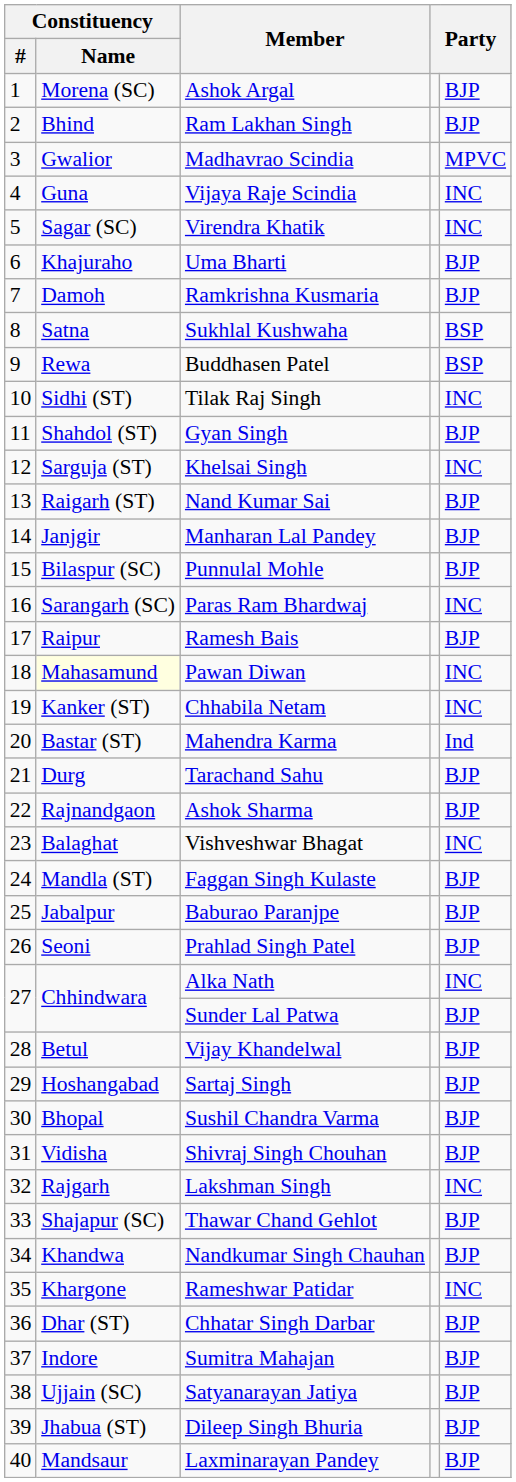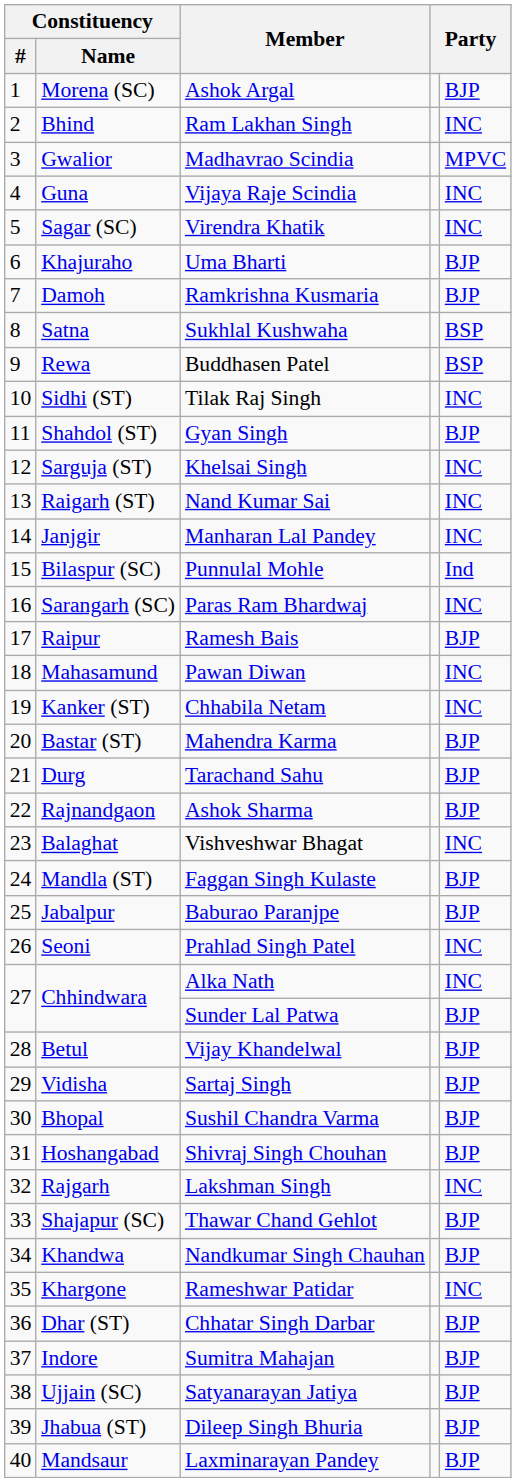 <table class="wikitable sortable">
 <tr>
 <th colspan="2">Constituency</th>
 <th rowspan="2">Member</th>
 <th colspan="2" rowspan="2">Party</th>
 </tr>
 <tr>
 <th>#</th>
 <th>Name</th>
 </tr>
 <tr>
 <td>1</td>
 <td><a href='#'>Morena</a> (SC)</td>
 <td><a href='#'>Ashok Argal</a></td>
 <td style="background-color: "></td>
 <td><a href='#'>BJP</a></td>
 </tr>
 <tr>
 <td>2</td>
 <td><a href='#'>Bhind</a></td>
 <td><a href='#'>Ram Lakhan Singh</a></td>
 <td style="background-color: "></td>
-<td><a href='#'>BJP</a></td>
+<td><a href='#'>INC</a></td>
 </tr>
 <tr>
 <td>3</td>
 <td><a href='#'>Gwalior</a></td>
 <td><a href='#'>Madhavrao Scindia</a></td>
 <td></td>
 <td><a href='#'>MPVC</a></td>
 </tr>
 <tr>
 <td>4</td>
 <td><a href='#'>Guna</a></td>
 <td><a href='#'>Vijaya Raje Scindia</a></td>
 <td style="background-color: "></td>
 <td><a href='#'>INC</a></td>
 </tr>
 <tr>
 <td>5</td>
 <td><a href='#'>Sagar</a> (SC)</td>
 <td><a href='#'>Virendra Khatik</a></td>
 <td style="background-color: "></td>
 <td><a href='#'>INC</a></td>
 </tr>
 <tr>
 <td>6</td>
 <td><a href='#'>Khajuraho</a></td>
 <td><a href='#'>Uma Bharti</a></td>
 <td style="background-color: "></td>
 <td><a href='#'>BJP</a></td>
 </tr>
 <tr>
 <td>7</td>
 <td><a href='#'>Damoh</a></td>
 <td><a href='#'>Ramkrishna Kusmaria</a></td>
 <td style="background-color: "></td>
 <td><a href='#'>BJP</a></td>
 </tr>
 <tr>
 <td>8</td>
 <td><a href='#'>Satna</a></td>
 <td><a href='#'>Sukhlal Kushwaha</a></td>
 <td style="background-color: "></td>
 <td><a href='#'>BSP</a></td>
 </tr>
 <tr>
 <td>9</td>
 <td><a href='#'>Rewa</a></td>
 <td>Buddhasen Patel</td>
 <td style="background-color: "></td>
 <td><a href='#'>BSP</a></td>
 </tr>
 <tr>
 <td>10</td>
 <td><a href='#'>Sidhi</a> (ST)</td>
 <td>Tilak Raj Singh</td>
 <td style="background-color: "></td>
 <td><a href='#'>INC</a></td>
 </tr>
 <tr>
 <td>11</td>
 <td><a href='#'>Shahdol</a> (ST)</td>
 <td><a href='#'>Gyan Singh</a></td>
 <td style="background-color: "></td>
 <td><a href='#'>BJP</a></td>
 </tr>
 <tr>
 <td>12</td>
 <td><a href='#'>Sarguja</a> (ST)</td>
 <td><a href='#'>Khelsai Singh</a></td>
 <td style="background-color: "></td>
 <td><a href='#'>INC</a></td>
 </tr>
 <tr>
 <td>13</td>
 <td><a href='#'>Raigarh</a> (ST)</td>
 <td><a href='#'>Nand Kumar Sai</a></td>
 <td style="background-color: "></td>
-<td><a href='#'>BJP</a></td>
+<td><a href='#'>INC</a></td>
 </tr>
 <tr>
 <td>14</td>
 <td><a href='#'>Janjgir</a></td>
 <td><a href='#'>Manharan Lal Pandey</a></td>
 <td style="background-color: "></td>
-<td><a href='#'>BJP</a></td>
+<td><a href='#'>INC</a></td>
 </tr>
 <tr>
 <td>15</td>
 <td><a href='#'>Bilaspur</a> (SC)</td>
 <td><a href='#'>Punnulal Mohle</a></td>
 <td style="background-color: "></td>
-<td><a href='#'>BJP</a></td>
+<td><a href='#'>Ind</a></td>
 </tr>
 <tr>
 <td>16</td>
 <td><a href='#'>Sarangarh</a> (SC)</td>
 <td><a href='#'>Paras Ram Bhardwaj</a></td>
 <td style="background-color: "></td>
 <td><a href='#'>INC</a></td>
 </tr>
 <tr>
 <td>17</td>
 <td><a href='#'>Raipur</a></td>
 <td><a href='#'>Ramesh Bais</a></td>
 <td style="background-color: "></td>
 <td><a href='#'>BJP</a></td>
 </tr>
 <tr>
 <td>18</td>
-<td style="background: lightyellow;"><a href='#'>Mahasamund</a></td>
+<td><a href='#'>Mahasamund</a></td>
 <td><a href='#'>Pawan Diwan</a></td>
 <td style="background-color: "></td>
 <td><a href='#'>INC</a></td>
 </tr>
 <tr>
 <td>19</td>
 <td><a href='#'>Kanker</a> (ST)</td>
 <td><a href='#'>Chhabila Netam</a></td>
 <td style="background-color: "></td>
 <td><a href='#'>INC</a></td>
 </tr>
 <tr>
 <td>20</td>
 <td><a href='#'>Bastar</a> (ST)</td>
 <td><a href='#'>Mahendra Karma</a></td>
 <td style="background-color: "></td>
-<td><a href='#'>Ind</a></td>
+<td><a href='#'>BJP</a></td>
 </tr>
 <tr>
 <td>21</td>
 <td><a href='#'>Durg</a></td>
 <td><a href='#'>Tarachand Sahu</a></td>
 <td style="background-color: "></td>
 <td><a href='#'>BJP</a></td>
 </tr>
 <tr>
 <td>22</td>
 <td><a href='#'>Rajnandgaon</a></td>
 <td><a href='#'>Ashok Sharma</a></td>
 <td style="background-color: "></td>
 <td><a href='#'>BJP</a></td>
 </tr>
 <tr>
 <td>23</td>
 <td><a href='#'>Balaghat</a></td>
 <td>Vishveshwar Bhagat</td>
 <td style="background-color: "></td>
 <td><a href='#'>INC</a></td>
 </tr>
 <tr>
 <td>24</td>
 <td><a href='#'>Mandla</a> (ST)</td>
 <td><a href='#'>Faggan Singh Kulaste</a></td>
 <td style="background-color: "></td>
 <td><a href='#'>BJP</a></td>
 </tr>
 <tr>
 <td>25</td>
 <td><a href='#'>Jabalpur</a></td>
 <td><a href='#'>Baburao Paranjpe</a></td>
 <td style="background-color: "></td>
 <td><a href='#'>BJP</a></td>
 </tr>
 <tr>
 <td>26</td>
 <td><a href='#'>Seoni</a></td>
 <td><a href='#'>Prahlad Singh Patel</a></td>
 <td style="background-color: "></td>
-<td><a href='#'>BJP</a></td>
+<td><a href='#'>INC</a></td>
 </tr>
 <tr>
 <td rowspan="2">27</td>
 <td rowspan="2"><a href='#'>Chhindwara</a></td>
 <td><a href='#'>Alka Nath</a></td>
 <td style="background-color: "></td>
 <td><a href='#'>INC</a></td>
 </tr>
 <tr>
 <td><a href='#'>Sunder Lal Patwa</a></td>
 <td style="background-color: "></td>
 <td><a href='#'>BJP</a></td>
 </tr>
 <tr>
 <td>28</td>
 <td><a href='#'>Betul</a></td>
 <td><a href='#'>Vijay Khandelwal</a></td>
 <td style="background-color: "></td>
 <td><a href='#'>BJP</a></td>
 </tr>
 <tr>
 <td>29</td>
-<td><a href='#'>Hoshangabad</a></td>
+<td><a href='#'>Vidisha</a></td>
 <td><a href='#'>Sartaj Singh</a></td>
 <td style="background-color: "></td>
 <td><a href='#'>BJP</a></td>
 </tr>
 <tr>
 <td>30</td>
 <td><a href='#'>Bhopal</a></td>
 <td><a href='#'>Sushil Chandra Varma</a></td>
 <td style="background-color: "></td>
 <td><a href='#'>BJP</a></td>
 </tr>
 <tr>
 <td>31</td>
-<td><a href='#'>Vidisha</a></td>
+<td><a href='#'>Hoshangabad</a></td>
 <td><a href='#'>Shivraj Singh Chouhan</a></td>
 <td style="background-color: "></td>
 <td><a href='#'>BJP</a></td>
 </tr>
 <tr>
 <td>32</td>
 <td><a href='#'>Rajgarh</a></td>
 <td><a href='#'>Lakshman Singh</a></td>
 <td style="background-color: "></td>
 <td><a href='#'>INC</a></td>
 </tr>
 <tr>
 <td>33</td>
 <td><a href='#'>Shajapur</a> (SC)</td>
 <td><a href='#'>Thawar Chand Gehlot</a></td>
 <td style="background-color: "></td>
 <td><a href='#'>BJP</a></td>
 </tr>
 <tr>
 <td>34</td>
 <td><a href='#'>Khandwa</a></td>
 <td><a href='#'>Nandkumar Singh Chauhan</a></td>
 <td style="background-color: "></td>
 <td><a href='#'>BJP</a></td>
 </tr>
 <tr>
 <td>35</td>
 <td><a href='#'>Khargone</a></td>
 <td><a href='#'>Rameshwar Patidar</a></td>
 <td style="background-color: "></td>
 <td><a href='#'>INC</a></td>
 </tr>
 <tr>
 <td>36</td>
 <td><a href='#'>Dhar</a> (ST)</td>
 <td><a href='#'>Chhatar Singh Darbar</a></td>
 <td style="background-color: "></td>
 <td><a href='#'>BJP</a></td>
 </tr>
 <tr>
 <td>37</td>
 <td><a href='#'>Indore</a></td>
 <td><a href='#'>Sumitra Mahajan</a></td>
 <td style="background-color: "></td>
 <td><a href='#'>BJP</a></td>
 </tr>
 <tr>
 <td>38</td>
 <td><a href='#'>Ujjain</a> (SC)</td>
 <td><a href='#'>Satyanarayan Jatiya</a></td>
 <td style="background-color: "></td>
 <td><a href='#'>BJP</a></td>
 </tr>
 <tr>
 <td>39</td>
 <td><a href='#'>Jhabua</a> (ST)</td>
 <td><a href='#'>Dileep Singh Bhuria</a></td>
 <td style="background-color: "></td>
 <td><a href='#'>BJP</a></td>
 </tr>
 <tr>
 <td>40</td>
 <td><a href='#'>Mandsaur</a></td>
 <td><a href='#'>Laxminarayan Pandey</a></td>
 <td style="background-color: "></td>
 <td><a href='#'>BJP</a></td>
 </tr>
 </table>
